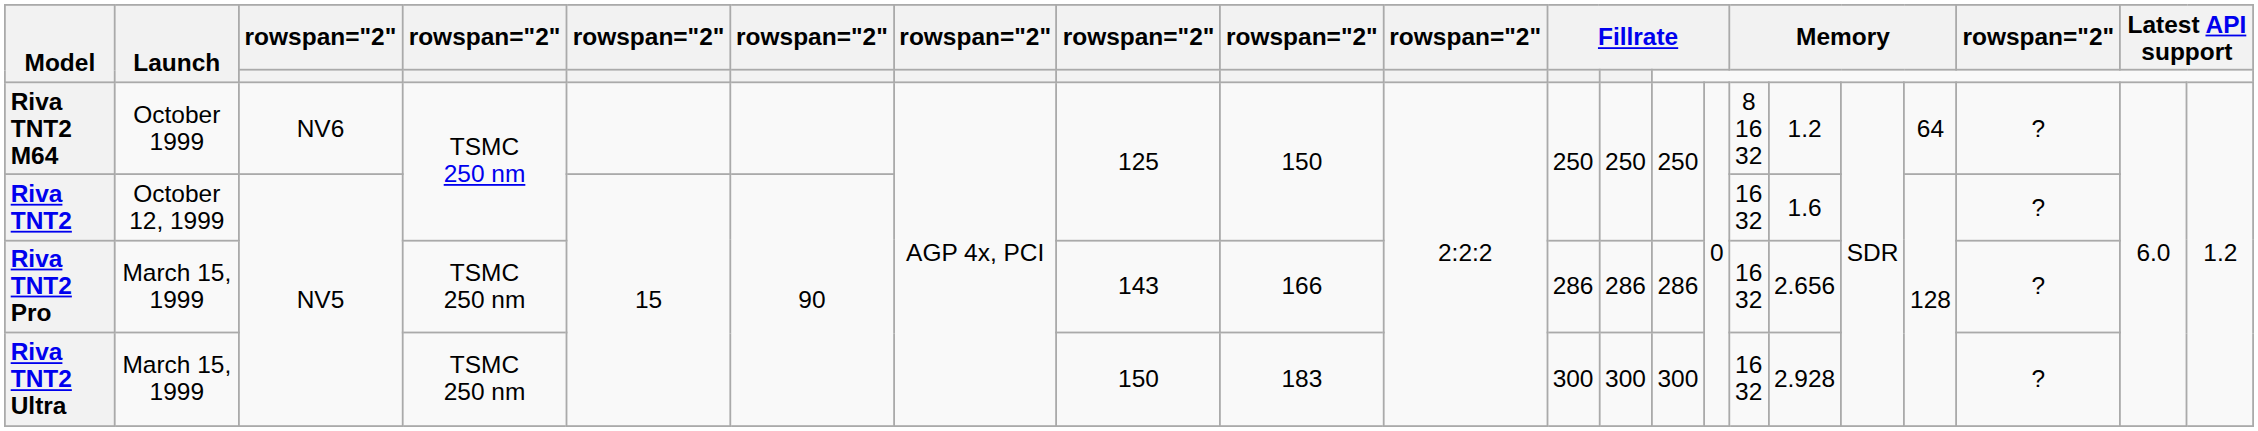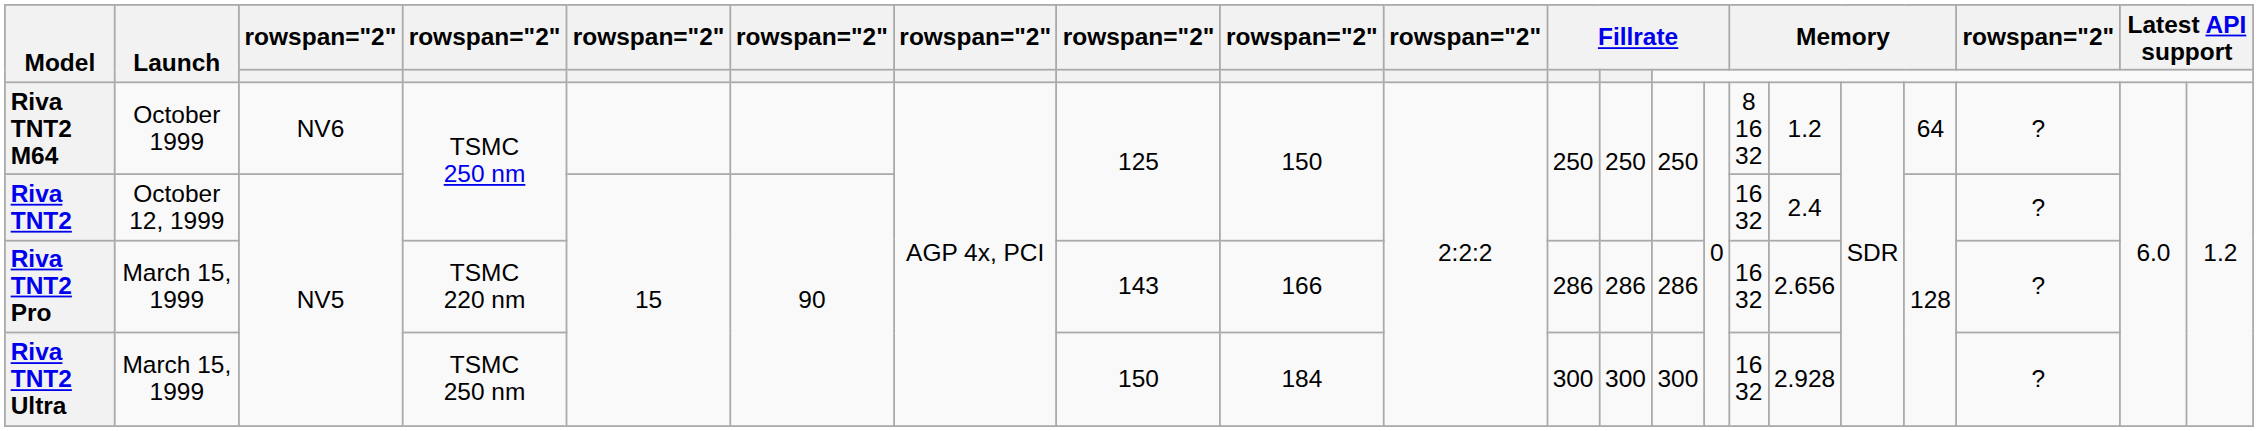 <table class="mw-datatable wikitable sortable" style="font-size:85%; text-align:center;">
 <tr>
 <th rowspan="2" style="vertical-align: bottom">Model</th>
 <th rowspan="2" style="vertical-align: bottom">Launch</th>
 <th>rowspan="2" </th>
 <th>rowspan="2" </th>
 <th>rowspan="2" </th>
 <th>rowspan="2" </th>
 <th>rowspan="2" </th>
 <th>rowspan="2" </th>
 <th>rowspan="2" </th>
 <th>rowspan="2" </th>
 <th colspan="4"><a href='#'>Fillrate</a></th>
 <th colspan="4">Memory</th>
 <th>rowspan="2" </th>
 <th colspan="2">Latest <a href='#'>API</a> support</th>
 </tr>
 <tr>
 <th></th>
 <th></th>
 <th></th>
 <th></th>
 <th></th>
 <th></th>
 <th></th>
 <th></th>
 <th></th>
 <th></th>
 </tr>
 <tr>
 <th style="text-align:left">Riva TNT2 M64</th>
 <td>October 1999</td>
 <td rowspan="1">NV6</td>
 <td rowspan="2">TSMC <a href='#'>250 nm</a></td>
 <td rowspan="1"></td>
 <td rowspan="1"></td>
 <td rowspan="4">AGP 4x, PCI</td>
 <td rowspan="2">125</td>
 <td rowspan="2">150</td>
 <td rowspan="4">2:2:2</td>
 <td rowspan="2">250</td>
 <td rowspan="2">250</td>
 <td rowspan="2">250</td>
 <td rowspan="4">0</td>
 <td>8 <br>16 <br>32</td>
 <td>1.2</td>
 <td rowspan="4">SDR</td>
 <td rowspan="1">64</td>
 <td>?</td>
 <td rowspan="4">6.0</td>
 <td rowspan="4">1.2</td>
 </tr>
 <tr>
 <th style="text-align:left"><a href='#'>Riva TNT2</a></th>
 <td>October 12, 1999</td>
 <td rowspan="3">NV5</td>
 <td rowspan="3">15</td>
 <td rowspan="3">90</td>
 <td>16<br>32</td>
-<td>1.6</td>
+<td>2.4</td>
 <td rowspan="3">128</td>
 <td>?</td>
 </tr>
 <tr>
 <th style="text-align:left"><a href='#'>Riva TNT2</a> Pro</th>
 <td>March 15, 1999</td>
-<td>TSMC 250 nm</td>
+<td>TSMC 220 nm</td>
 <td>143</td>
 <td>166</td>
 <td>286</td>
 <td>286</td>
 <td>286</td>
 <td>16<br>32</td>
 <td>2.656</td>
 <td>?</td>
 </tr>
 <tr>
 <th style="text-align:left"><a href='#'>Riva TNT2</a> Ultra</th>
 <td>March 15, 1999</td>
 <td>TSMC 250 nm</td>
 <td>150</td>
-<td>183</td>
+<td>184</td>
 <td>300</td>
 <td>300</td>
 <td>300</td>
 <td>16<br>32</td>
 <td>2.928</td>
 <td>?</td>
 </tr>
 </table>
